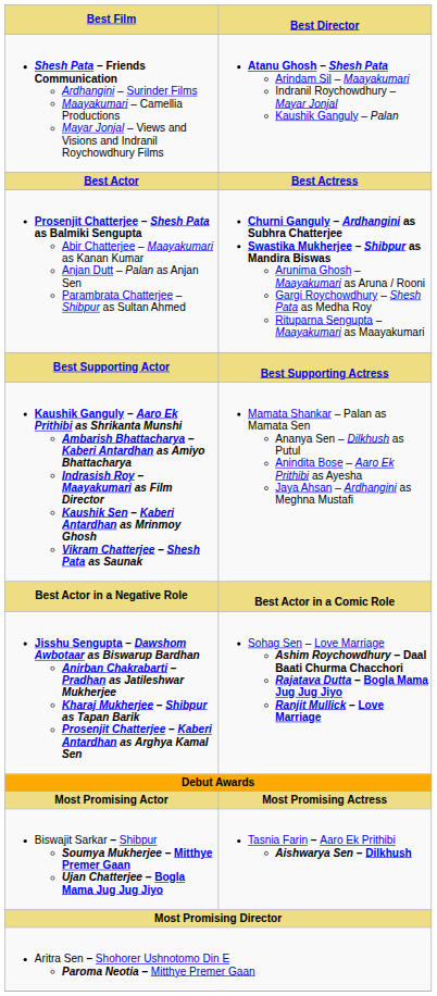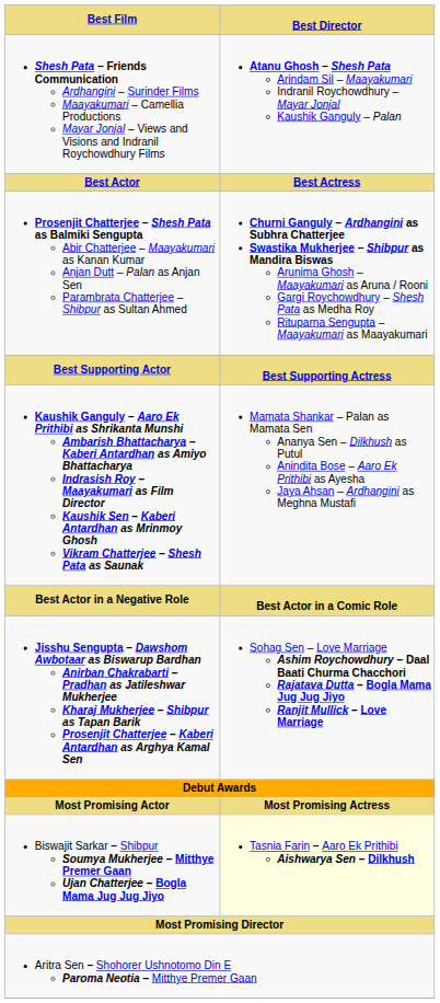 <table class="wikitable" width=100% |>
 <tr>
 <th ! style="background:#eedd82; text-align:center; width:50%;"><a href='#'>Best Film</a></th>
 <th ! style="background:#eedd82; text-align:center; width:50%;"><br><a href='#'>Best Director</a></th>
 </tr>
 <tr>
 <td valign="top"><br><ul><li><strong><em><a href='#'>Shesh Pata</a></em></strong> <strong>– Friends Communication</strong><ul><li><em><a href='#'>Ardhangini</a></em> – <a href='#'>Surinder Films</a></li><li><em><a href='#'>Maayakumari</a></em> – Camellia Productions</li><li><em><a href='#'>Mayar Jonjal</a></em> – Views and Visions and Indranil Roychowdhury Films</li></ul></li></ul></td>
 <td valign="top"><br><ul><li><strong><a href='#'>Atanu Ghosh</a>  –</strong> <strong><em><a href='#'>Shesh Pata</a></em></strong><ul><li><a href='#'>Arindam Sil</a>  – <em><a href='#'>Maayakumari</a></em></li><li>Indranil Roychowdhury – <em><a href='#'>Mayar Jonjal</a></em></li><li><a href='#'>Kaushik Ganguly</a>  – <em>Palan</em></li></ul></li></ul></td>
 </tr>
 <tr>
 <th ! style="background:#eedd82; text-align:center; width:50%;"><a href='#'>Best Actor</a></th>
 <th ! style="background:#eedd82; text-align:center; width:50%;"><a href='#'>Best Actress</a></th>
 </tr>
 <tr>
 <td valign="top"><br><ul><li><strong><a href='#'>Prosenjit Chatterjee</a> –</strong> <strong><em><a href='#'>Shesh Pata</a></em></strong> <strong>as Balmiki Sengupta</strong><ul><li><a href='#'>Abir Chatterjee</a> – <em><a href='#'>Maayakumari</a></em> as Kanan Kumar</li><li><a href='#'>Anjan Dutt</a> – <em>Palan</em> as Anjan Sen</li><li><a href='#'>Parambrata Chatterjee</a> – <em><a href='#'>Shibpur</a></em> as Sultan Ahmed</li></ul></li></ul></td>
 <td valign="top"><br><ul><li><strong><a href='#'>Churni Ganguly</a> –</strong> <strong><em><a href='#'>Ardhangini</a></em></strong> <strong>as Subhra Chatterjee</strong></li><li><strong><a href='#'>Swastika Mukherjee</a> –</strong> <strong><em><a href='#'>Shibpur</a></em></strong> <strong>as Mandira Biswas</strong><ul><li><a href='#'>Arunima Ghosh</a> – <em><a href='#'>Maayakumari</a></em> as Aruna / Rooni</li><li><a href='#'>Gargi Roychowdhury</a> – <em><a href='#'>Shesh Pata</a></em> as Medha Roy</li><li><a href='#'>Rituparna Sengupta</a> – <em><a href='#'>Maayakumari</a></em> as Maayakumari</li></ul></li></ul></td>
 </tr>
 <tr>
 <th ! style="background:#eedd82; text-align:center; width:50%;"><a href='#'>Best Supporting Actor</a></th>
 <th ! style="background:#eedd82; text-align:center; width:50%;"><br><a href='#'>Best Supporting Actress</a></th>
 </tr>
 <tr>
 <td valign="top"><br><ul><li><strong><a href='#'>Kaushik Ganguly</a> –</strong> <strong><em><a href='#'>Aaro Ek Prithibi</a><em> as Shrikanta Munshi<strong><ul><li><a href='#'>Ambarish Bhattacharya</a> – </em><a href='#'>Kaberi Antardhan</a><em> as Amiyo Bhattacharya</li><li><a href='#'>Indrasish Roy</a> – </em><a href='#'>Maayakumari</a><em> as Film Director</li><li><a href='#'>Kaushik Sen</a> – </em><a href='#'>Kaberi Antardhan</a><em> as Mrinmoy Ghosh</li><li><a href='#'>Vikram Chatterjee</a> – </em><a href='#'>Shesh Pata</a><em> as Saunak</li></ul></li></ul></td>
 <td valign="top"><br><ul><li></strong><a href='#'>Mamata Shankar</a> –<strong> </em></strong>Palan</em> as Mamata Sen</strong><ul><li>Ananya Sen – <em><a href='#'>Dilkhush</a></em> as Putul</li><li><a href='#'>Anindita Bose</a> – <em><a href='#'>Aaro Ek Prithibi</a></em> as Ayesha</li><li><a href='#'>Jaya Ahsan</a> – <em><a href='#'>Ardhangini</a></em> as Meghna Mustafi</li></ul></li></ul></td>
 </tr>
 <tr>
 <th ! style="background:#eedd82; text-align:center; width:50%;">Best Actor in a Negative Role</th>
 <th ! style="background:#eedd82; text-align:center; width:50%;"><br>Best Actor in a Comic Role</th>
 </tr>
 <tr>
 <td valign="top"><br><ul><li><strong><a href='#'>Jisshu Sengupta</a> –</strong> <strong><em><a href='#'>Dawshom Awbotaar</a><em> as Biswarup Bardhan<strong><ul><li><a href='#'>Anirban Chakrabarti</a> – </em><a href='#'>Pradhan</a><em> as Jatileshwar Mukherjee</li><li><a href='#'>Kharaj Mukherjee</a> – </em><a href='#'>Shibpur</a><em> as Tapan Barik</li><li><a href='#'>Prosenjit Chatterjee</a> – </em><a href='#'>Kaberi Antardhan</a><em> as Arghya Kamal Sen</li></ul></li></ul></td>
 <td valign="top"><br><ul><li></strong><a href='#'>Sohag Sen</a> –<strong> </em></strong><a href='#'>Love Marriage</a><strong><em><ul><li>Ashim Roychowdhury – </em>Daal Baati Churma Chacchori<em></li><li><a href='#'>Rajatava Dutta</a> – </em><a href='#'>Bogla Mama Jug Jug Jiyo</a><em></li><li><a href='#'>Ranjit Mullick</a> – </em><a href='#'>Love Marriage</a><em></li></ul></li></ul></td>
 </tr>
 <tr>
 <th style="background:#FFAA00;" colspan=6>Debut Awards</th>
 </tr>
 <tr>
 <th colspan=1 style="background:#EEDD82;">Most Promising Actor</th>
 <th colspan=1 style="background:#EEDD82;">Most Promising Actress</th>
 </tr>
 <tr>
 <td colspan=1; valign=top><br><ul><li></strong>Biswajit Sarkar<strong> – </em></strong><a href='#'>Shibpur</a><strong><em><ul><li>Soumya Mukherjee – </em><a href='#'>Mitthye Premer Gaan</a><em></li><li>Ujan Chatterjee – </em><a href='#'>Bogla Mama Jug Jug Jiyo</a><em></li></ul></li></ul></td>
-<td colspan=1; valign=top><br><ul><li></strong><a href='#'>Tasnia Farin</a><strong> – </em></strong><a href='#'>Aaro Ek Prithibi</a><strong><em><ul><li>Aishwarya Sen – </em><a href='#'>Dilkhush</a><em></li></ul></li></ul></td>
+<td colspan=1; valign=top style="background: lightyellow;"><br><ul><li></strong><a href='#'>Tasnia Farin</a><strong> – </em></strong><a href='#'>Aaro Ek Prithibi</a><strong><em><ul><li>Aishwarya Sen – </em><a href='#'>Dilkhush</a><em></li></ul></li></ul></td>
 </tr>
 <tr>
 <th colspan=2 style="background:#EEDD82;">Most Promising Director</th>
 </tr>
 <tr>
 <td colspan=2; valign=top><br><ul><li></strong>Aritra Sen<strong> – </em></strong><a href='#'>Shohorer Ushnotomo Din E</a><strong><em><ul><li>Paroma Neotia – </em></strong><a href='#'>Mitthye Premer Gaan</a><strong><em></li></ul></li></ul></td>
 </tr>
 <tr>
 </tr>
 </table>
